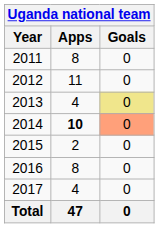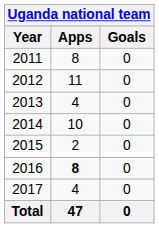 <table class="wikitable" style="text-align:center">
 <tr>
 <th colspan=3><a href='#'>Uganda national team</a></th>
 </tr>
 <tr>
 <th>Year</th>
 <th>Apps</th>
 <th>Goals</th>
 </tr>
 <tr>
 <td>2011</td>
 <td>8</td>
 <td>0</td>
 </tr>
 <tr>
 <td>2012</td>
 <td>11</td>
 <td>0</td>
 </tr>
 <tr>
 <td>2013</td>
 <td>4</td>
-<td style="background: khaki;">0</td>
+<td>0</td>
 </tr>
 <tr>
 <td>2014</td>
-<td><strong>10</strong></td>
-<td style="background: lightsalmon;">0</td>
+<td>10</td>
+<td>0</td>
 </tr>
 <tr>
 <td>2015</td>
 <td>2</td>
 <td>0</td>
 </tr>
 <tr>
 <td>2016</td>
-<td>8</td>
+<td><strong>8</strong></td>
 <td>0</td>
 </tr>
 <tr>
 <td>2017</td>
 <td>4</td>
 <td>0</td>
 </tr>
 <tr>
 <th>Total</th>
 <th>47</th>
 <th>0</th>
 </tr>
 </table>
